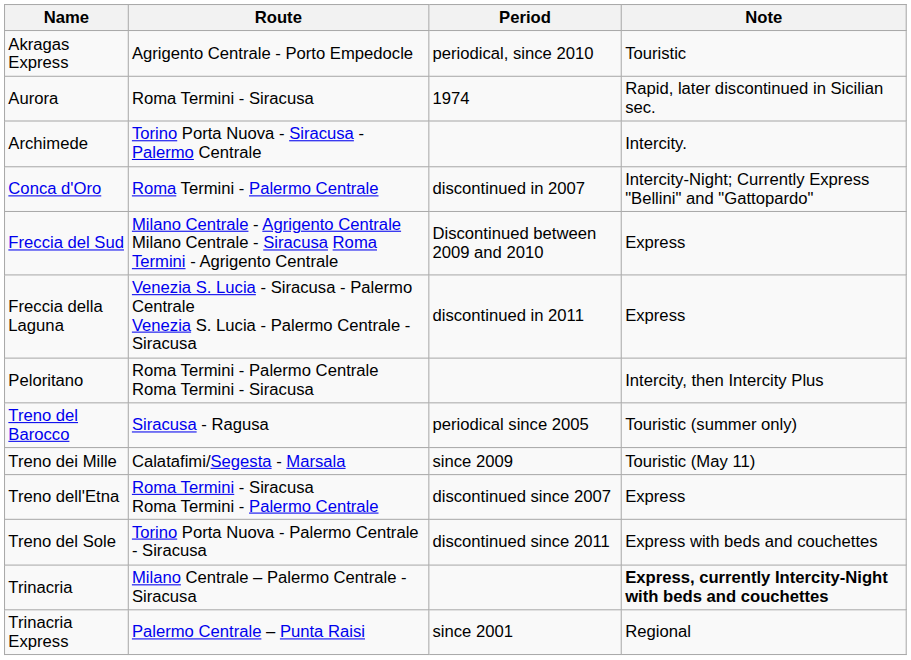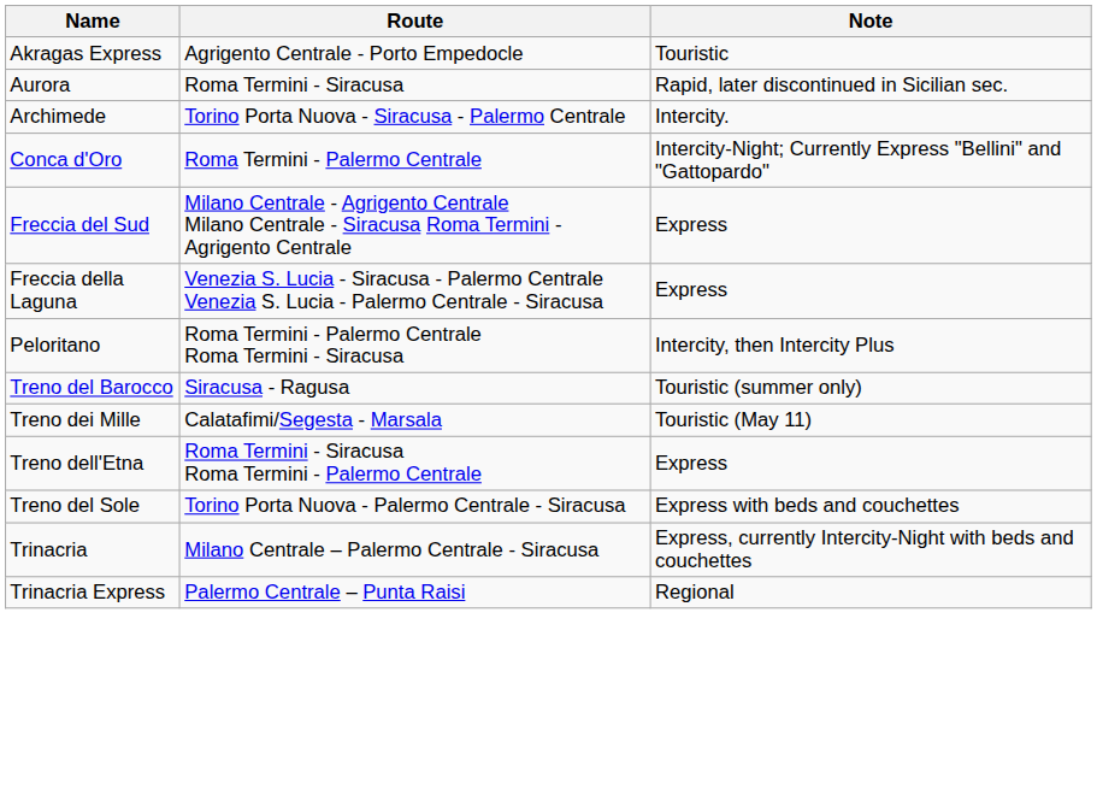 <table class="wikitable">
 <tr>
 <th>Name</th>
 <th>Route</th>
-<th>Period</th>
 <th>Note</th>
 </tr>
 <tr>
 <td>Akragas Express</td>
 <td>Agrigento Centrale - Porto Empedocle</td>
-<td>periodical, since 2010</td>
 <td>Touristic</td>
 </tr>
 <tr>
 <td>Aurora</td>
 <td>Roma Termini - Siracusa</td>
-<td>1974</td>
 <td>Rapid, later discontinued in Sicilian sec.</td>
 </tr>
 <tr>
 <td>Archimede</td>
 <td><a href='#'>Torino</a> Porta Nuova - <a href='#'>Siracusa</a> - <a href='#'>Palermo</a> Centrale</td>
-<td></td>
 <td>Intercity.</td>
 </tr>
 <tr>
 <td><a href='#'>Conca d'Oro</a></td>
 <td><a href='#'>Roma</a> Termini - <a href='#'>Palermo Centrale</a></td>
-<td>discontinued in 2007</td>
 <td>Intercity-Night; Currently Express "Bellini" and "Gattopardo"</td>
 </tr>
 <tr>
 <td><a href='#'>Freccia del Sud</a></td>
 <td><a href='#'>Milano Centrale</a> - <a href='#'>Agrigento Centrale</a><br>Milano Centrale - <a href='#'>Siracusa</a> <a href='#'>Roma Termini</a> - Agrigento Centrale</td>
-<td>Discontinued between 2009 and 2010</td>
 <td>Express</td>
 </tr>
 <tr>
 <td>Freccia della Laguna</td>
 <td><a href='#'>Venezia S. Lucia</a> - Siracusa - Palermo Centrale<br><a href='#'>Venezia</a> S. Lucia - Palermo Centrale - Siracusa</td>
-<td>discontinued in 2011</td>
 <td>Express</td>
 </tr>
 <tr>
 <td>Peloritano</td>
 <td>Roma Termini - Palermo Centrale<br>Roma Termini - Siracusa</td>
-<td></td>
 <td>Intercity, then Intercity Plus</td>
 </tr>
 <tr>
 <td><a href='#'>Treno del Barocco</a></td>
 <td><a href='#'>Siracusa</a> - Ragusa</td>
-<td>periodical since 2005</td>
 <td>Touristic (summer only)</td>
 </tr>
 <tr>
 <td>Treno dei Mille</td>
 <td>Calatafimi/<a href='#'>Segesta</a> - <a href='#'>Marsala</a></td>
-<td>since 2009</td>
 <td>Touristic (May 11)</td>
 </tr>
 <tr>
 <td>Treno dell'Etna</td>
 <td><a href='#'>Roma Termini</a> - Siracusa<br>Roma Termini - <a href='#'>Palermo Centrale</a></td>
-<td>discontinued since 2007</td>
 <td>Express</td>
 </tr>
 <tr>
 <td>Treno del Sole</td>
 <td><a href='#'>Torino</a> Porta Nuova - Palermo Centrale - Siracusa</td>
-<td>discontinued since 2011</td>
 <td>Express with beds and couchettes</td>
 </tr>
 <tr>
 <td>Trinacria</td>
 <td><a href='#'>Milano</a> Centrale – Palermo Centrale - Siracusa</td>
-<td></td>
-<td><strong>Express, currently Intercity-Night with beds and couchettes</strong></td>
+<td>Express, currently Intercity-Night with beds and couchettes</td>
 </tr>
 <tr>
 <td>Trinacria Express</td>
 <td><a href='#'>Palermo Centrale</a> – <a href='#'>Punta Raisi</a></td>
-<td>since 2001</td>
 <td>Regional</td>
 </tr>
 </table>
